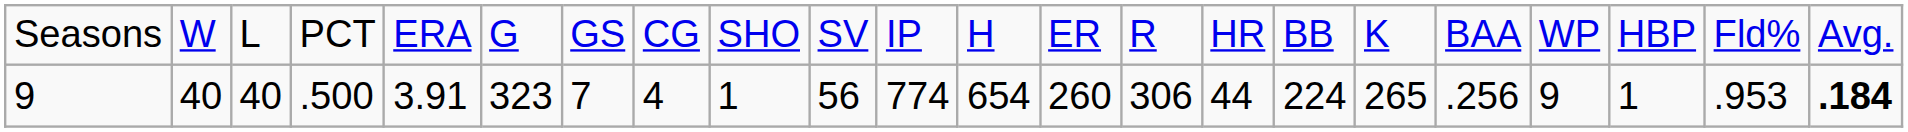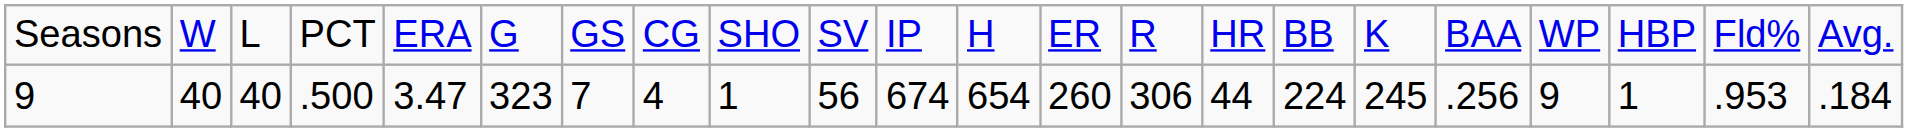 <table class="wikitable">
 <tr>
 <td>Seasons</td>
 <td><a href='#'>W</a></td>
 <td>L</td>
 <td>PCT</td>
 <td><a href='#'>ERA</a></td>
 <td><a href='#'>G</a></td>
 <td><a href='#'>GS</a></td>
 <td><a href='#'>CG</a></td>
 <td><a href='#'>SHO</a></td>
 <td><a href='#'>SV</a></td>
 <td><a href='#'>IP</a></td>
 <td><a href='#'>H</a></td>
 <td><a href='#'>ER</a></td>
 <td><a href='#'>R</a></td>
 <td><a href='#'>HR</a></td>
 <td><a href='#'>BB</a></td>
 <td><a href='#'>K</a></td>
 <td><a href='#'>BAA</a></td>
 <td><a href='#'>WP</a></td>
 <td><a href='#'>HBP</a></td>
 <td><a href='#'>Fld%</a></td>
 <td><a href='#'>Avg.</a></td>
 </tr>
 <tr>
 <td>9</td>
 <td>40</td>
 <td>40</td>
 <td>.500</td>
-<td>3.91</td>
+<td>3.47</td>
 <td>323</td>
 <td>7</td>
 <td>4</td>
 <td>1</td>
 <td>56</td>
-<td>774</td>
+<td>674</td>
 <td>654</td>
 <td>260</td>
 <td>306</td>
 <td>44</td>
 <td>224</td>
-<td>265</td>
+<td>245</td>
 <td>.256</td>
 <td>9</td>
 <td>1</td>
 <td>.953</td>
-<td><strong>.184</strong></td>
+<td>.184</td>
 </tr>
 </table>
